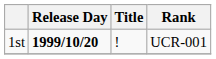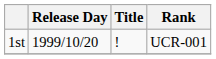 <table class=wikitable style="font-size:small">
 <tr>
 <th></th>
 <th>Release Day</th>
 <th>Title</th>
 <th>Rank</th>
 </tr>
 <tr>
 <td>1st</td>
-<td><strong>1999/10/20</strong></td>
+<td>1999/10/20</td>
 <td>!</td>
 <td>UCR-001</td>
 </tr>
 <tr>
 </tr>
 </table>
